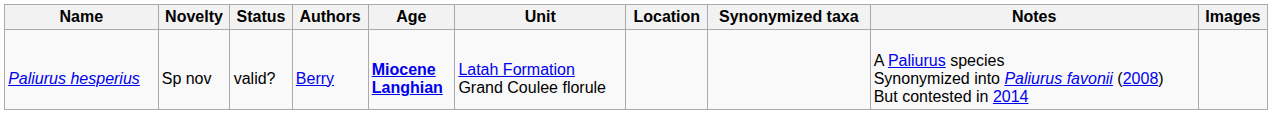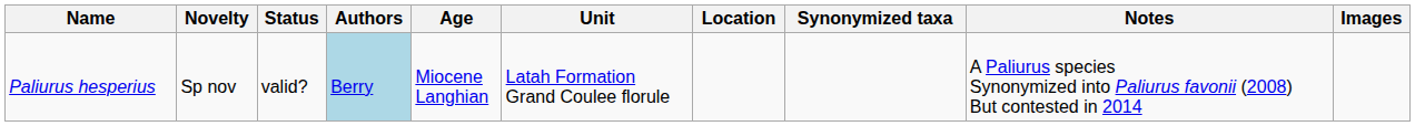 <table class="wikitable sortable" align="center" width="100%">
 <tr>
 <th>Name</th>
 <th>Novelty</th>
 <th>Status</th>
 <th>Authors</th>
 <th>Age</th>
 <th>Unit</th>
 <th>Location</th>
 <th>Synonymized taxa</th>
 <th>Notes</th>
 <th>Images</th>
 </tr>
 <tr>
 <td><br><em><a href='#'>Paliurus hesperius</a></em></td>
 <td><br>Sp nov</td>
 <td><br>valid?</td>
-<td><br><a href='#'>Berry</a></td>
-<td><strong><br><a href='#'>Miocene</a><br><a href='#'>Langhian</a></strong></td>
+<td style="background: lightblue;"><br><a href='#'>Berry</a></td>
+<td><br><a href='#'>Miocene</a><br><a href='#'>Langhian</a></td>
 <td><br><a href='#'>Latah Formation</a><br>Grand Coulee florule</td>
 <td><br><br></td>
 <td></td>
 <td><br>A <a href='#'>Paliurus</a> species<br>Synonymized into <em><a href='#'>Paliurus favonii</a></em> (<a href='#'>2008</a>)<br>But contested in <a href='#'>2014</a></td>
 <td></td>
 </tr>
 <tr>
 </tr>
 </table>
